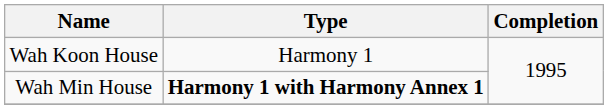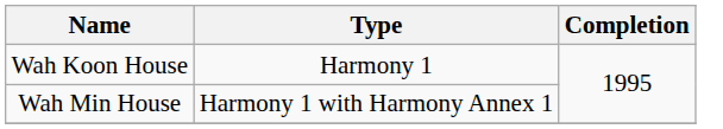 <table class="wikitable" style="text-align: center">
 <tr>
 <th>Name</th>
 <th>Type</th>
 <th>Completion</th>
 </tr>
 <tr>
 <td>Wah Koon House</td>
 <td>Harmony 1</td>
 <td rowspan="2">1995</td>
 </tr>
 <tr>
 <td>Wah Min House</td>
-<td><strong>Harmony 1 with Harmony Annex 1</strong></td>
+<td>Harmony 1 with Harmony Annex 1</td>
 </tr>
 <tr>
 </tr>
 </table>
